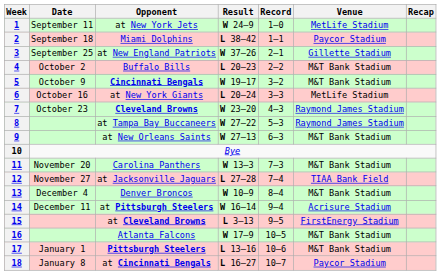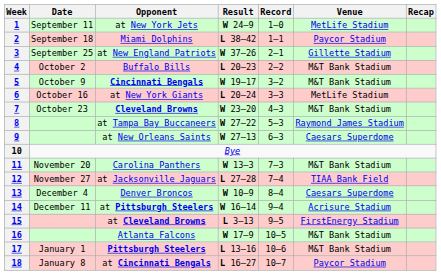 <table class="wikitable" style="text-align:center">
 <tr>
 <th>Week</th>
 <th>Date</th>
 <th>Opponent</th>
 <th>Result</th>
 <th>Record</th>
 <th>Venue</th>
 <th>Recap</th>
 </tr>
 <tr style="background:#cfc">
 <th><a href='#'>1</a></th>
 <td>September 11</td>
 <td>at <a href='#'>New York Jets</a></td>
 <td><strong>W</strong> 24–9</td>
 <td>1–0</td>
 <td><a href='#'>MetLife Stadium</a></td>
 <td></td>
 </tr>
 <tr style="background:#fcc">
 <th><a href='#'>2</a></th>
 <td>September 18</td>
 <td><a href='#'>Miami Dolphins</a></td>
 <td><strong>L</strong> 38–42</td>
 <td>1–1</td>
 <td><a href='#'>Paycor Stadium</a></td>
 <td></td>
 </tr>
 <tr style="background:#cfc">
 <th><a href='#'>3</a></th>
 <td>September 25</td>
 <td>at <a href='#'>New England Patriots</a></td>
 <td><strong>W</strong> 37–26</td>
 <td>2–1</td>
 <td><a href='#'>Gillette Stadium</a></td>
 <td></td>
 </tr>
 <tr style="background:#fcc">
 <th><a href='#'>4</a></th>
 <td>October 2</td>
 <td><a href='#'>Buffalo Bills</a></td>
 <td><strong>L</strong> 20–23</td>
 <td>2–2</td>
 <td>M&T Bank Stadium</td>
 <td></td>
 </tr>
 <tr style="background:#cfc">
 <th><a href='#'>5</a></th>
 <td>October 9</td>
 <td><strong><a href='#'>Cincinnati Bengals</a></strong></td>
 <td><strong>W</strong> 19–17</td>
 <td>3–2</td>
 <td>M&T Bank Stadium</td>
 <td></td>
 </tr>
 <tr style="background:#fcc">
 <th><a href='#'>6</a></th>
 <td>October 16</td>
 <td>at <a href='#'>New York Giants</a></td>
 <td><strong>L</strong> 20–24</td>
 <td>3–3</td>
 <td>MetLife Stadium</td>
 <td></td>
 </tr>
 <tr style="background:#cfc">
 <th><a href='#'>7</a></th>
 <td>October 23</td>
 <td><strong><a href='#'>Cleveland Browns</a></strong></td>
 <td><strong>W</strong> 23–20</td>
 <td>4–3</td>
-<td><a href='#'>Raymond James Stadium</a></td>
+<td>M&T Bank Stadium</td>
 <td></td>
 </tr>
 <tr style="background:#cfc">
 <th><a href='#'>8</a></th>
 <td></td>
 <td>at <a href='#'>Tampa Bay Buccaneers</a></td>
 <td><strong>W</strong> 27–22</td>
 <td>5–3</td>
 <td><a href='#'>Raymond James Stadium</a></td>
 <td></td>
 </tr>
 <tr style="background:#cfc">
 <th><a href='#'>9</a></th>
 <td></td>
 <td>at <a href='#'>New Orleans Saints</a></td>
 <td><strong>W</strong> 27–13</td>
 <td>6–3</td>
-<td>M&T Bank Stadium</td>
+<td><a href='#'>Caesars Superdome</a></td>
 <td></td>
 </tr>
 <tr>
 <th>10</th>
 <td colspan="6"><em><a href='#'>Bye</a></em></td>
 </tr>
 <tr style="background:#cfc">
 <th><a href='#'>11</a></th>
 <td>November 20</td>
 <td><a href='#'>Carolina Panthers</a></td>
 <td><strong>W</strong> 13–3</td>
 <td>7–3</td>
 <td>M&T Bank Stadium</td>
 <td></td>
 </tr>
 <tr style="background:#fcc">
 <th><a href='#'>12</a></th>
 <td>November 27</td>
 <td>at <a href='#'>Jacksonville Jaguars</a></td>
 <td><strong>L</strong> 27–28</td>
 <td>7–4</td>
 <td><a href='#'>TIAA Bank Field</a></td>
 <td></td>
 </tr>
 <tr style="background:#cfc">
 <th><a href='#'>13</a></th>
 <td>December 4</td>
 <td><a href='#'>Denver Broncos</a></td>
 <td><strong>W</strong> 10–9</td>
 <td>8–4</td>
-<td>M&T Bank Stadium</td>
+<td><a href='#'>Caesars Superdome</a></td>
 <td></td>
 </tr>
 <tr style="background:#cfc">
 <th><a href='#'>14</a></th>
 <td>December 11</td>
 <td>at <strong><a href='#'>Pittsburgh Steelers</a></strong></td>
 <td><strong>W</strong> 16–14</td>
 <td>9–4</td>
 <td><a href='#'>Acrisure Stadium</a></td>
 <td></td>
 </tr>
 <tr style="background:#fcc">
 <th><a href='#'>15</a></th>
 <td></td>
 <td>at <strong><a href='#'>Cleveland Browns</a></strong></td>
 <td><strong>L</strong> 3–13</td>
 <td>9–5</td>
 <td><a href='#'>FirstEnergy Stadium</a></td>
 <td></td>
 </tr>
 <tr style="background:#cfc">
 <th><a href='#'>16</a></th>
 <td></td>
 <td><a href='#'>Atlanta Falcons</a></td>
 <td><strong>W</strong> 17–9</td>
 <td>10–5</td>
 <td>M&T Bank Stadium</td>
 <td></td>
 </tr>
 <tr style="background:#fcc">
 <th><a href='#'>17</a></th>
 <td>January 1</td>
 <td><strong><a href='#'>Pittsburgh Steelers</a></strong></td>
 <td><strong>L</strong> 13–16</td>
 <td>10–6</td>
 <td>M&T Bank Stadium</td>
 <td></td>
 </tr>
 <tr style="background:#fcc">
 <th><a href='#'>18</a></th>
 <td>January 8</td>
 <td>at <strong><a href='#'>Cincinnati Bengals</a></strong></td>
 <td><strong>L</strong> 16–27</td>
 <td>10–7</td>
 <td><a href='#'>Paycor Stadium</a></td>
 <td></td>
 </tr>
 </table>
